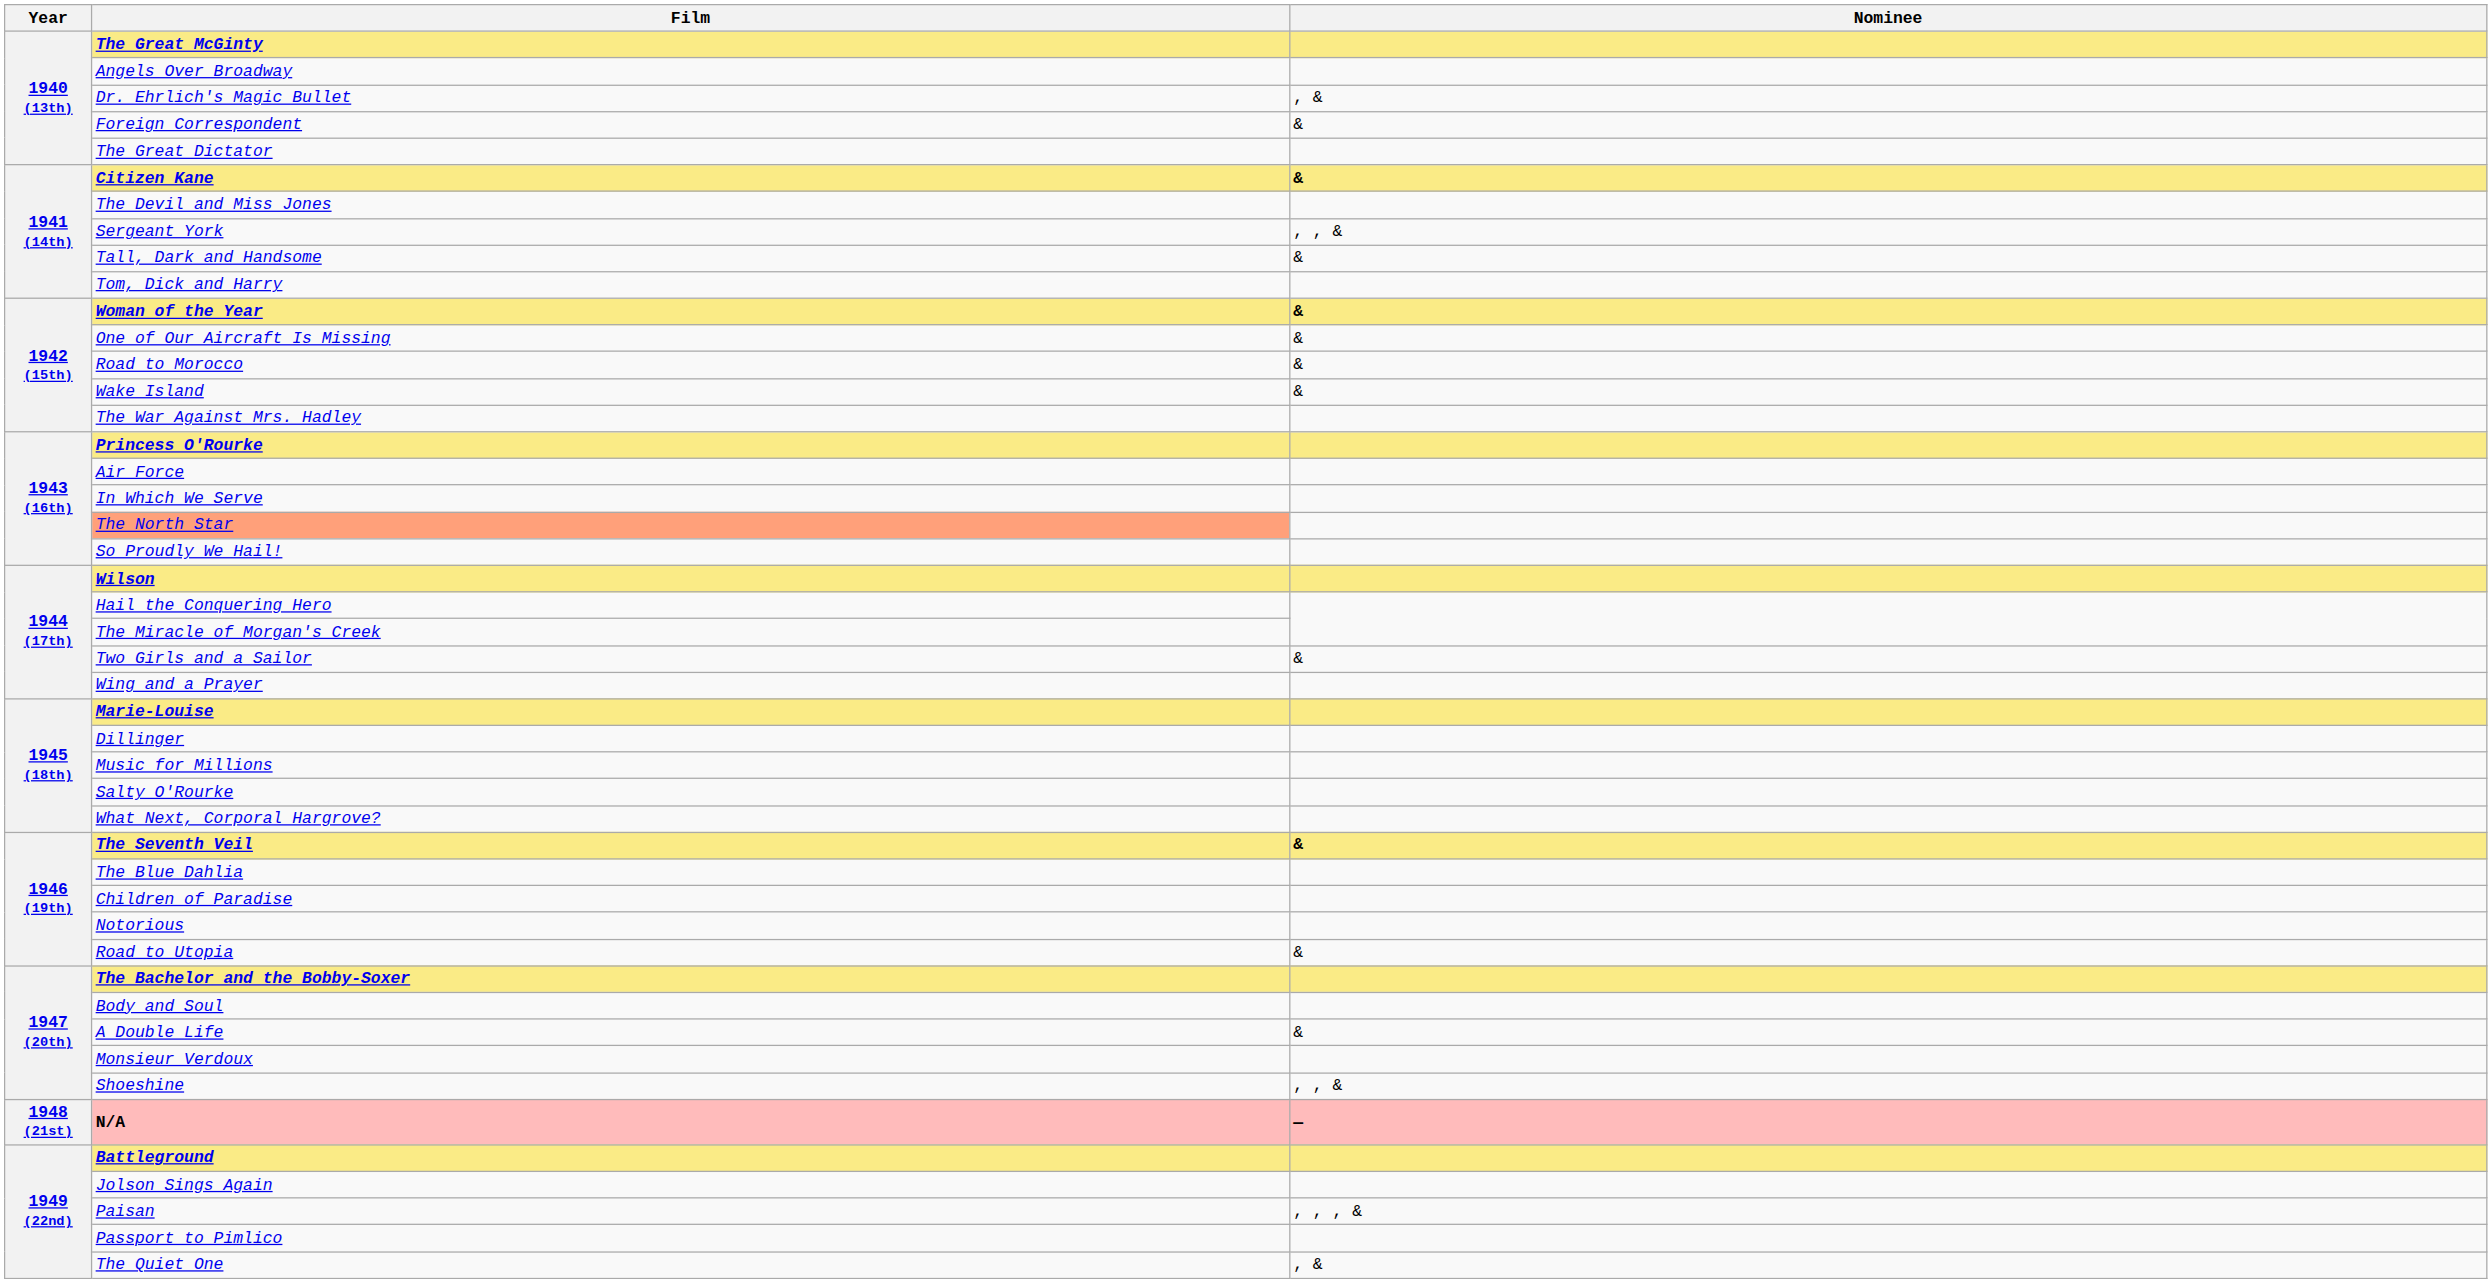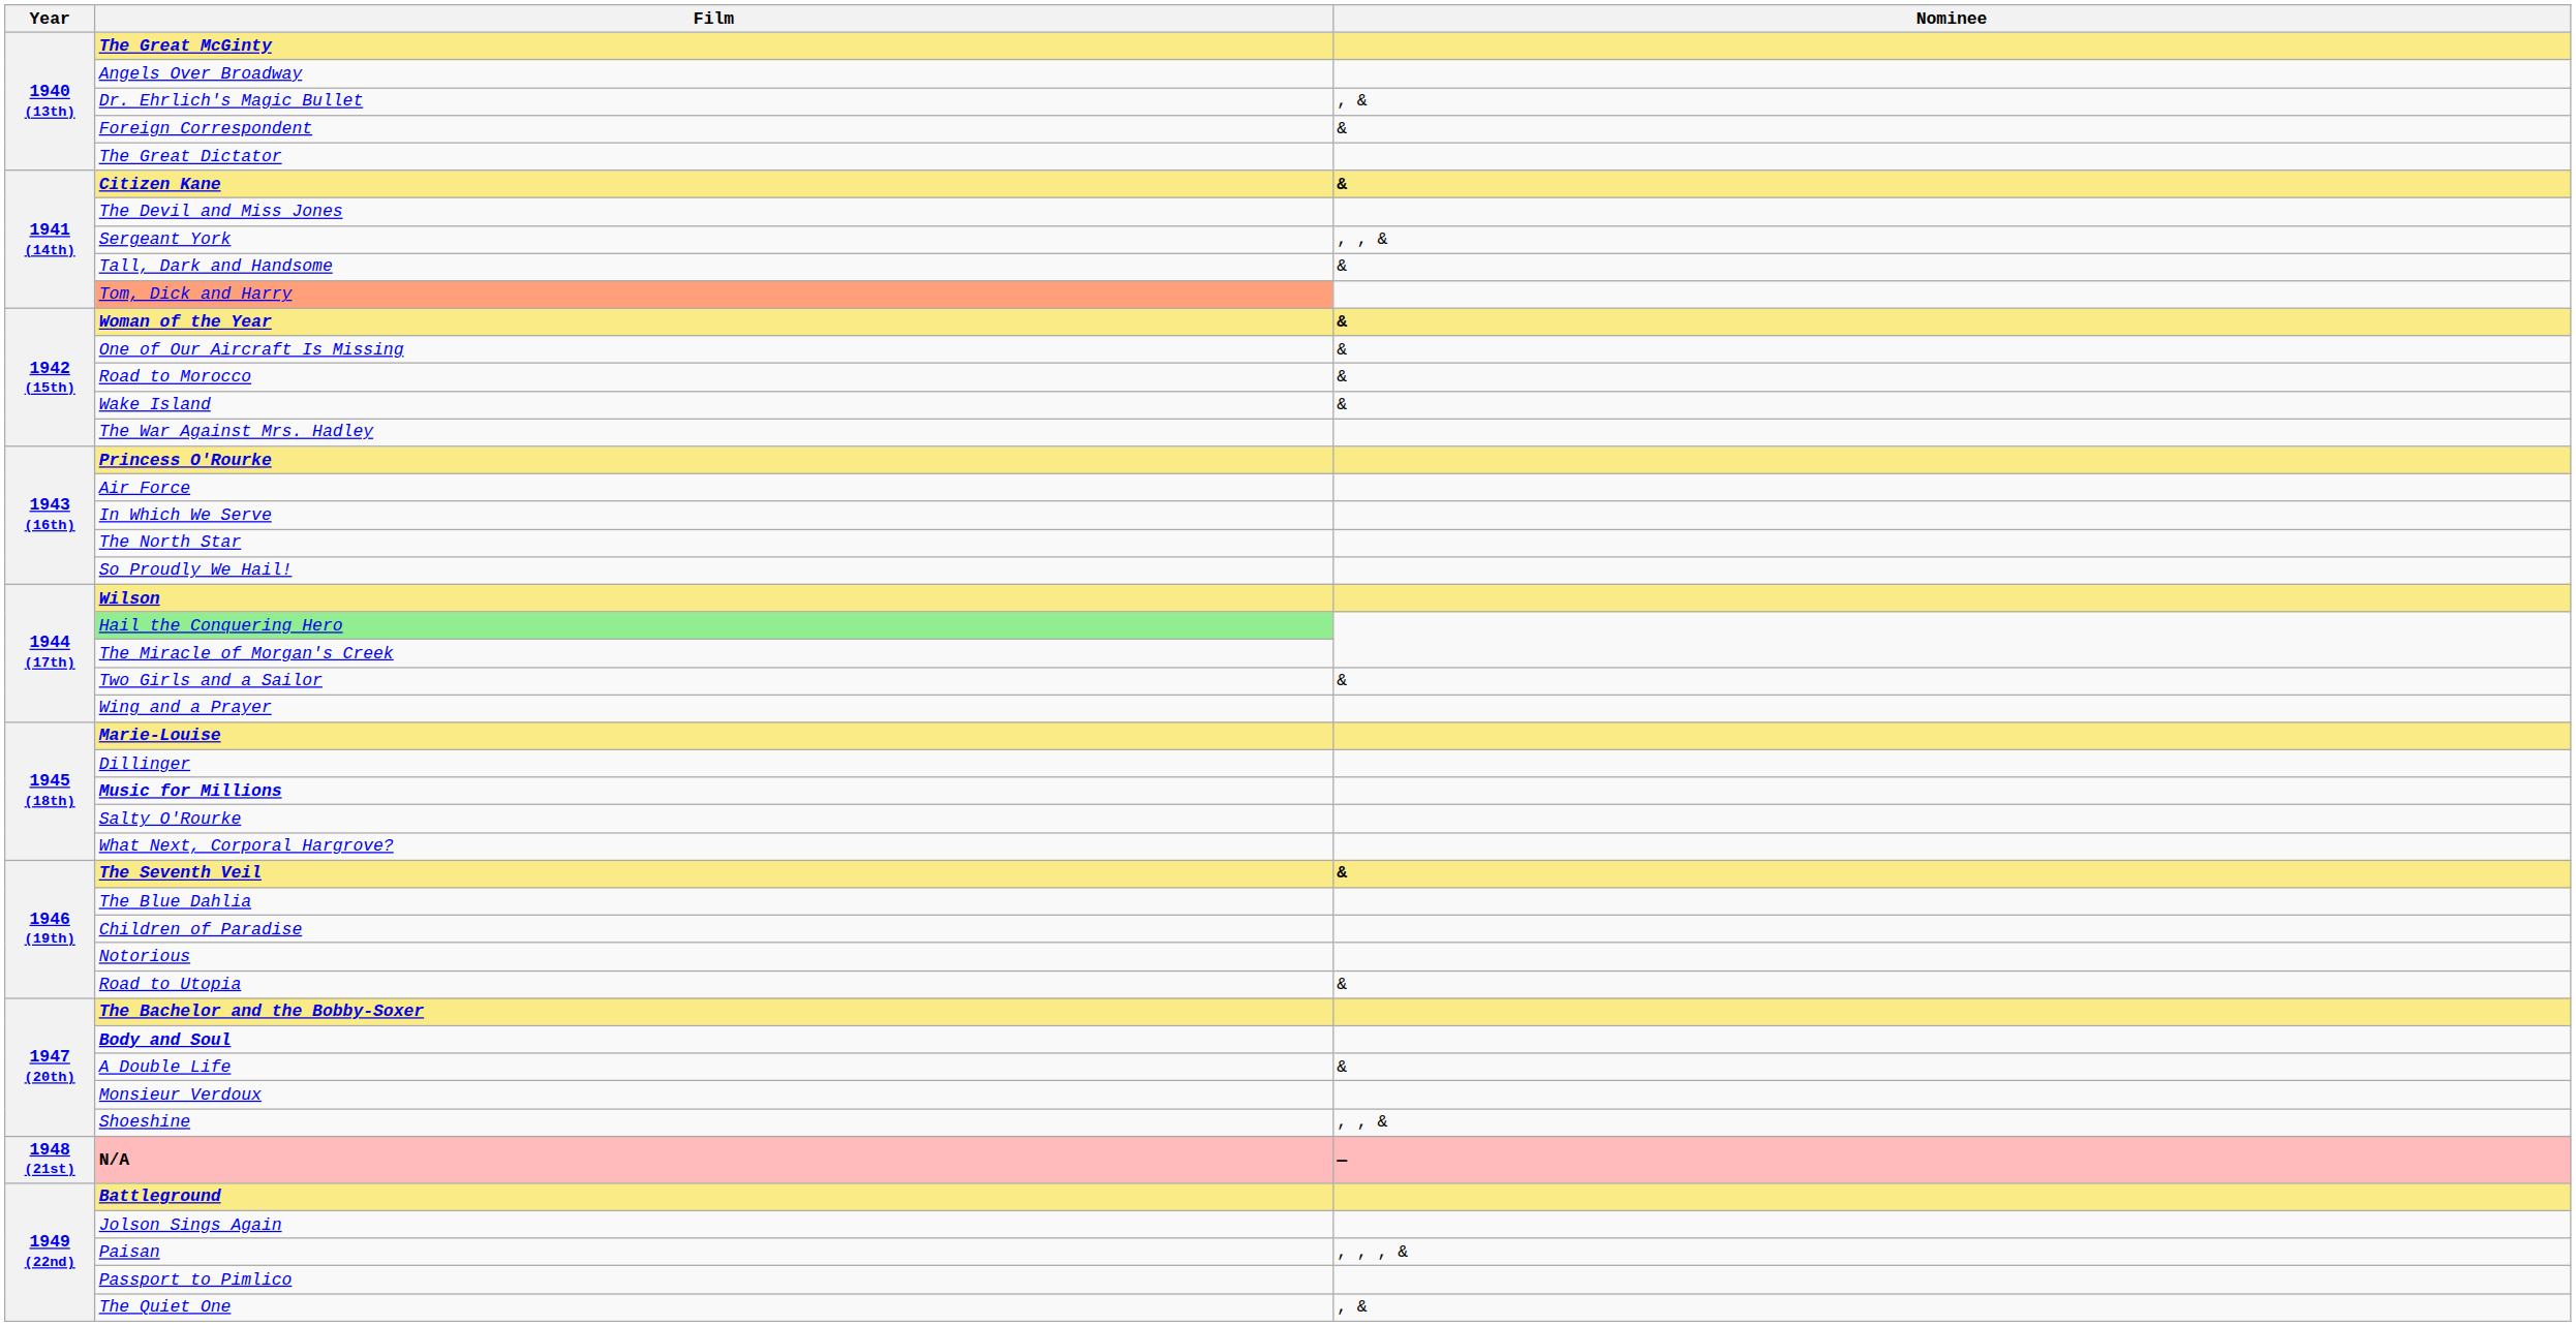 <table class="wikitable">
 <tr>
 <th scope="col" style="width:2%;">Year</th>
 <th scope="col" style="width:30%;">Film</th>
 <th scope="col" style="width:30%;">Nominee</th>
 </tr>
 <tr>
 <th scope="row" rowspan=5 style="text-align;center;"><a href='#'>1940</a><br><small><a href='#'>(13th)</a></small> <br></th>
 <td style="background:#FAEB86"><strong><em><a href='#'>The Great McGinty</a></em></strong></td>
 <td style="background:#FAEB86"><strong></strong></td>
 </tr>
 <tr>
 <td><em><a href='#'>Angels Over Broadway</a></em></td>
 <td></td>
 </tr>
 <tr>
 <td><em><a href='#'>Dr. Ehrlich's Magic Bullet</a></em></td>
 <td>,  & </td>
 </tr>
 <tr>
 <td><em><a href='#'>Foreign Correspondent</a></em></td>
 <td> & </td>
 </tr>
 <tr>
 <td><em><a href='#'>The Great Dictator</a></em></td>
 <td></td>
 </tr>
 <tr>
 <th scope="row" rowspan=5 style="text-align:center;"><a href='#'>1941</a><br><small><a href='#'>(14th)</a></small> <br></th>
 <td style="background:#FAEB86"><strong><em><a href='#'>Citizen Kane</a></em></strong></td>
 <td style="background:#FAEB86"><strong> & </strong></td>
 </tr>
 <tr>
 <td><em><a href='#'>The Devil and Miss Jones</a></em></td>
 <td></td>
 </tr>
 <tr>
 <td><em><a href='#'>Sergeant York</a></em></td>
 <td>, ,  & </td>
 </tr>
 <tr>
 <td><em><a href='#'>Tall, Dark and Handsome</a></em></td>
 <td> & </td>
 </tr>
 <tr>
-<td><em><a href='#'>Tom, Dick and Harry</a></em></td>
+<td style="background: lightsalmon;"><em><a href='#'>Tom, Dick and Harry</a></em></td>
 <td></td>
 </tr>
 <tr>
 <th scope="row" rowspan=5 style="text-align:center;"><a href='#'>1942</a><br><small><a href='#'>(15th)</a></small> <br></th>
 <td style="background:#FAEB86"><strong><em><a href='#'>Woman of the Year</a></em></strong></td>
 <td style="background:#FAEB86"><strong> & </strong></td>
 </tr>
 <tr>
 <td><em><a href='#'>One of Our Aircraft Is Missing</a></em></td>
 <td> & </td>
 </tr>
 <tr>
 <td><em><a href='#'>Road to Morocco</a></em></td>
 <td> & </td>
 </tr>
 <tr>
 <td><em><a href='#'>Wake Island</a></em></td>
 <td> & </td>
 </tr>
 <tr>
 <td><em><a href='#'>The War Against Mrs. Hadley</a></em></td>
 <td></td>
 </tr>
 <tr>
 <th scope="row" rowspan=5 style="text-align:center;"><a href='#'>1943</a><br><small><a href='#'>(16th)</a></small> <br></th>
 <td style="background:#FAEB86"><strong><em><a href='#'>Princess O'Rourke</a></em></strong></td>
 <td style="background:#FAEB86"><strong></strong></td>
 </tr>
 <tr>
 <td><em><a href='#'>Air Force</a></em></td>
 <td></td>
 </tr>
 <tr>
 <td><em><a href='#'>In Which We Serve</a></em></td>
 <td></td>
 </tr>
 <tr>
-<td style="background: lightsalmon;"><em><a href='#'>The North Star</a></em></td>
+<td><em><a href='#'>The North Star</a></em></td>
 <td></td>
 </tr>
 <tr>
 <td><em><a href='#'>So Proudly We Hail!</a></em></td>
 <td></td>
 </tr>
 <tr>
 <th scope="row" rowspan=5 style="text-align:center;"><a href='#'>1944</a><br><small><a href='#'>(17th)</a></small> <br></th>
 <td style="background:#FAEB86"><strong><em><a href='#'>Wilson</a></em></strong></td>
 <td style="background:#FAEB86"><strong></strong></td>
 </tr>
 <tr>
-<td><em><a href='#'>Hail the Conquering Hero</a></em></td>
+<td style="background: lightgreen;"><em><a href='#'>Hail the Conquering Hero</a></em></td>
 <td rowspan="2"></td>
 </tr>
 <tr>
 <td><em><a href='#'>The Miracle of Morgan's Creek</a></em></td>
 </tr>
 <tr>
 <td><em><a href='#'>Two Girls and a Sailor</a></em></td>
 <td> & </td>
 </tr>
 <tr>
 <td><em><a href='#'>Wing and a Prayer</a></em></td>
 <td></td>
 </tr>
 <tr>
 <th scope="row" rowspan=5 style="text-align:center;"><a href='#'>1945</a><br><small><a href='#'>(18th)</a></small> <br></th>
 <td style="background:#FAEB86"><strong><em><a href='#'>Marie-Louise</a></em></strong></td>
 <td style="background:#FAEB86"><strong></strong></td>
 </tr>
 <tr>
 <td><em><a href='#'>Dillinger</a></em></td>
 <td></td>
 </tr>
 <tr>
-<td><em><a href='#'>Music for Millions</a></em></td>
+<td><strong><em><a href='#'>Music for Millions</a></em></strong></td>
 <td></td>
 </tr>
 <tr>
 <td><em><a href='#'>Salty O'Rourke</a></em></td>
 <td></td>
 </tr>
 <tr>
 <td><em><a href='#'>What Next, Corporal Hargrove?</a></em></td>
 <td></td>
 </tr>
 <tr>
 <th scope="row" rowspan=5 style="text-align:center;"><a href='#'>1946</a><br><small><a href='#'>(19th)</a></small> <br></th>
 <td style="background:#FAEB86"><strong><em><a href='#'>The Seventh Veil</a></em></strong></td>
 <td style="background:#FAEB86"><strong> & </strong></td>
 </tr>
 <tr>
 <td><em><a href='#'>The Blue Dahlia</a></em></td>
 <td></td>
 </tr>
 <tr>
 <td><em><a href='#'>Children of Paradise</a></em></td>
 <td></td>
 </tr>
 <tr>
 <td><em><a href='#'>Notorious</a></em></td>
 <td></td>
 </tr>
 <tr>
 <td><em><a href='#'>Road to Utopia</a></em></td>
 <td> & </td>
 </tr>
 <tr>
 <th scope="row" rowspan=5 style="text-align:center;"><a href='#'>1947</a><br><small><a href='#'>(20th)</a></small> <br></th>
 <td style="background:#FAEB86"><strong><em><a href='#'>The Bachelor and the Bobby-Soxer</a></em></strong></td>
 <td style="background:#FAEB86"><strong></strong></td>
 </tr>
 <tr>
-<td><em><a href='#'>Body and Soul</a></em></td>
+<td><strong><em><a href='#'>Body and Soul</a></em></strong></td>
 <td></td>
 </tr>
 <tr>
 <td><em><a href='#'>A Double Life</a></em></td>
 <td> & </td>
 </tr>
 <tr>
 <td><em><a href='#'>Monsieur Verdoux</a></em></td>
 <td></td>
 </tr>
 <tr>
 <td><em><a href='#'>Shoeshine</a></em></td>
 <td>, ,  & </td>
 </tr>
 <tr>
 <th scope="row" rowspan=1 style="text-align:center;"><a href='#'>1948</a><br><small><a href='#'>(21st)</a></small></th>
 <td style="background:#ffbbbb"><strong>N/A</strong> </td>
 <td style="background:#ffbbbb"><strong>—</strong></td>
 </tr>
 <tr>
 <th scope="row" rowspan=5 style="text-align:center;"><a href='#'>1949</a><br><small><a href='#'>(22nd)</a></small> <br></th>
 <td style="background:#FAEB86"><strong><em><a href='#'>Battleground</a></em></strong></td>
 <td style="background:#FAEB86"><strong></strong></td>
 </tr>
 <tr>
 <td><em><a href='#'>Jolson Sings Again</a></em></td>
 <td></td>
 </tr>
 <tr>
 <td><em><a href='#'>Paisan</a></em></td>
 <td>, , ,  & </td>
 </tr>
 <tr>
 <td><em><a href='#'>Passport to Pimlico</a></em></td>
 <td></td>
 </tr>
 <tr>
 <td><em><a href='#'>The Quiet One</a></em></td>
 <td>,  & </td>
 </tr>
 </table>
